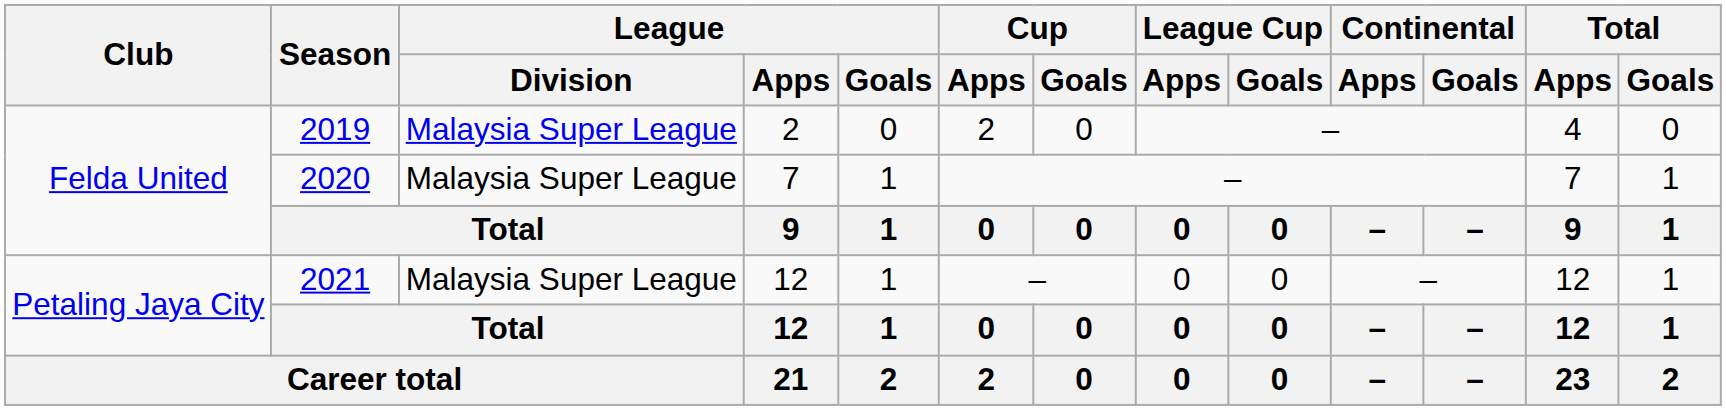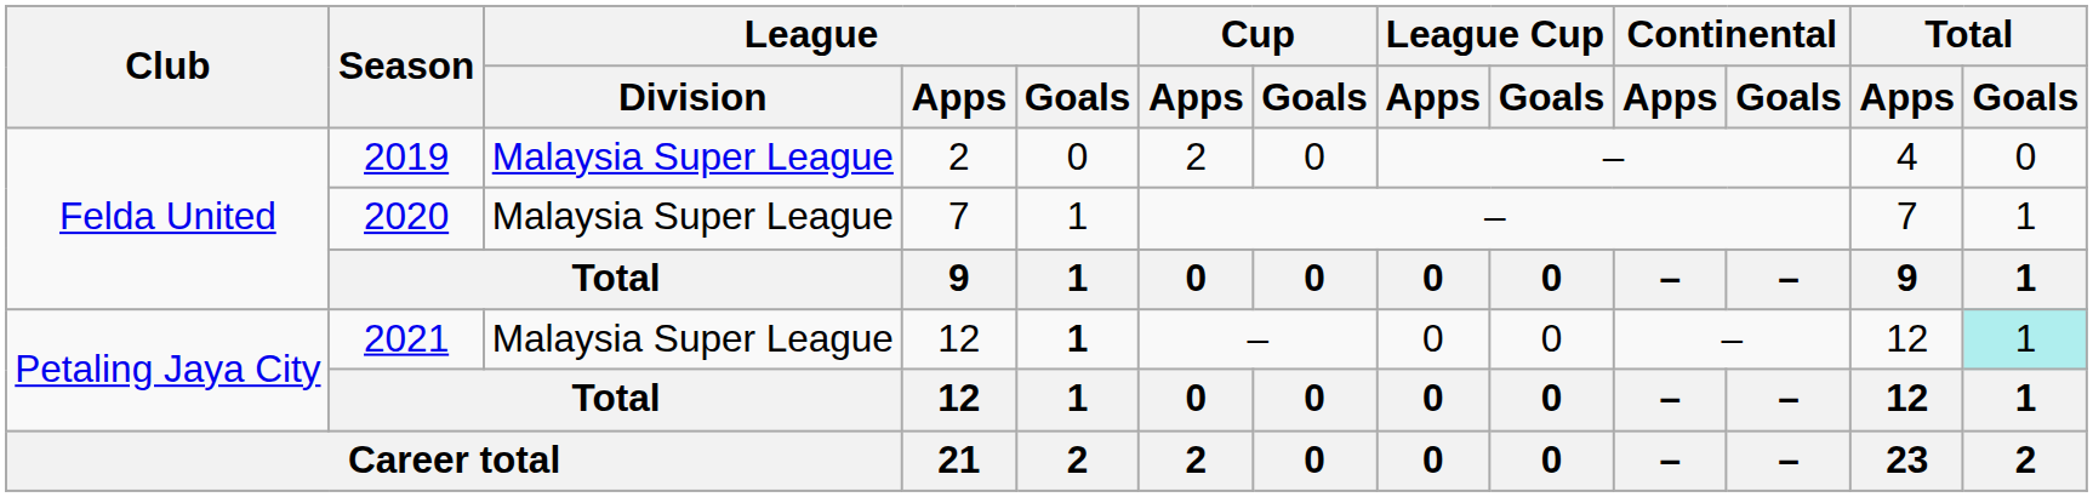 <table class=wikitable style="text-align:center">
 <tr>
 <th rowspan=2>Club</th>
 <th rowspan=2>Season</th>
 <th colspan=3>League</th>
 <th colspan=2>Cup</th>
 <th colspan=2>League Cup</th>
 <th colspan=2>Continental</th>
 <th colspan=2>Total</th>
 </tr>
 <tr>
 <th>Division</th>
 <th>Apps</th>
 <th>Goals</th>
 <th>Apps</th>
 <th>Goals</th>
 <th>Apps</th>
 <th>Goals</th>
 <th>Apps</th>
 <th>Goals</th>
 <th>Apps</th>
 <th>Goals</th>
 </tr>
 <tr>
 <td rowspan=3><a href='#'>Felda United</a></td>
 <td><a href='#'>2019</a></td>
 <td><a href='#'>Malaysia Super League</a></td>
 <td>2</td>
 <td>0</td>
 <td>2</td>
 <td>0</td>
 <td colspan=4>–</td>
 <td>4</td>
 <td>0</td>
 </tr>
 <tr>
 <td><a href='#'>2020</a></td>
 <td>Malaysia Super League</td>
 <td>7</td>
 <td>1</td>
 <td colspan=6>–</td>
 <td>7</td>
 <td>1</td>
 </tr>
 <tr>
 <th colspan="2">Total</th>
 <th>9</th>
 <th>1</th>
 <th>0</th>
 <th>0</th>
 <th>0</th>
 <th>0</th>
 <th>–</th>
 <th>–</th>
 <th>9</th>
 <th>1</th>
 </tr>
 <tr>
 <td rowspan=2><a href='#'>Petaling Jaya City</a></td>
 <td><a href='#'>2021</a></td>
 <td>Malaysia Super League</td>
 <td>12</td>
-<td>1</td>
+<td><strong>1</strong></td>
 <td colspan=2>–</td>
 <td>0</td>
 <td>0</td>
 <td colspan=2>–</td>
 <td>12</td>
-<td>1</td>
+<td style="background: paleturquoise;">1</td>
 </tr>
 <tr>
 <th colspan="2">Total</th>
 <th>12</th>
 <th>1</th>
 <th>0</th>
 <th>0</th>
 <th>0</th>
 <th>0</th>
 <th>–</th>
 <th>–</th>
 <th>12</th>
 <th>1</th>
 </tr>
 <tr>
 <th colspan="3">Career total</th>
 <th>21</th>
 <th>2</th>
 <th>2</th>
 <th>0</th>
 <th>0</th>
 <th>0</th>
 <th>–</th>
 <th>–</th>
 <th>23</th>
 <th>2</th>
 </tr>
 </table>
